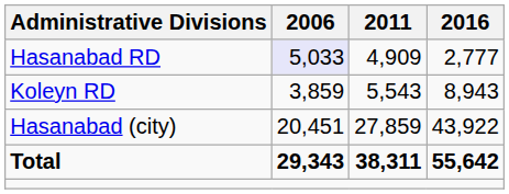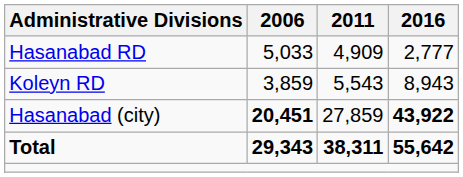 <table class="wikitable">
 <tr>
 <th>Administrative Divisions</th>
 <th>2006</th>
 <th>2011</th>
 <th>2016</th>
 </tr>
 <tr>
 <td><a href='#'>Hasanabad RD</a></td>
-<td style="background: lavender; text-align: right;">5,033</td>
+<td style="text-align: right;">5,033</td>
 <td style="text-align: right;">4,909</td>
 <td style="text-align: right;">2,777</td>
 </tr>
 <tr>
 <td><a href='#'>Koleyn RD</a></td>
 <td style="text-align: right;">3,859</td>
 <td style="text-align: right;">5,543</td>
 <td style="text-align: right;">8,943</td>
 </tr>
 <tr>
 <td><a href='#'>Hasanabad</a> (city)</td>
-<td style="text-align: right;">20,451</td>
+<td style="text-align: right;"><strong>20,451</strong></td>
 <td style="text-align: right;">27,859</td>
-<td style="text-align: right;">43,922</td>
+<td style="text-align: right;"><strong>43,922</strong></td>
 </tr>
 <tr>
 <td><strong>Total</strong></td>
 <td style="text-align: right;"><strong>29,343</strong></td>
 <td style="text-align: right;"><strong>38,311</strong></td>
 <td style="text-align: right;"><strong>55,642</strong></td>
 </tr>
 <tr>
 <td colspan=4></td>
 </tr>
 </table>
